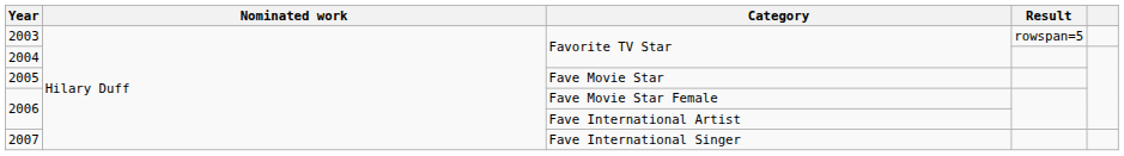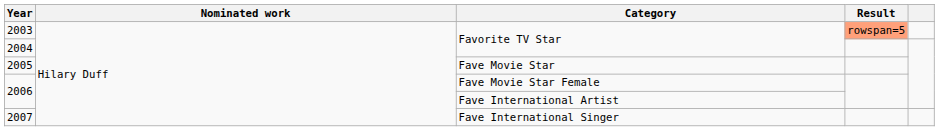 <table class="wikitable sortable">
 <tr>
 <th scope="col" style="width:1em;">Year</th>
 <th scope="col" style="width:39em;">Nominated work</th>
 <th scope="col" style="width:36em;">Category</th>
 <th scope="col" style="width:5em;">Result</th>
 <th scope="col" style="width:2em;" class="unsortable"></th>
 </tr>
 <tr>
 <td>2003</td>
 <td rowspan=6>Hilary Duff</td>
 <td rowspan=2>Favorite TV Star</td>
-<td>rowspan=5 </td>
+<td style="background: lightsalmon;">rowspan=5 </td>
 <td style="text-align:center;"></td>
 </tr>
 <tr>
 <td>2004</td>
 <td style="text-align:center;"></td>
 </tr>
 <tr>
 <td>2005</td>
 <td>Fave Movie Star</td>
 <td style="text-align:center;"></td>
 </tr>
 <tr>
 <td rowspan=2>2006</td>
 <td>Fave Movie Star Female</td>
 <td style="text-align:center;" rowspan=2></td>
 </tr>
 <tr>
 <td>Fave International Artist</td>
 </tr>
 <tr>
 <td>2007</td>
 <td>Fave International Singer</td>
 <td></td>
 <td style="text-align:center;"></td>
 </tr>
 </table>
